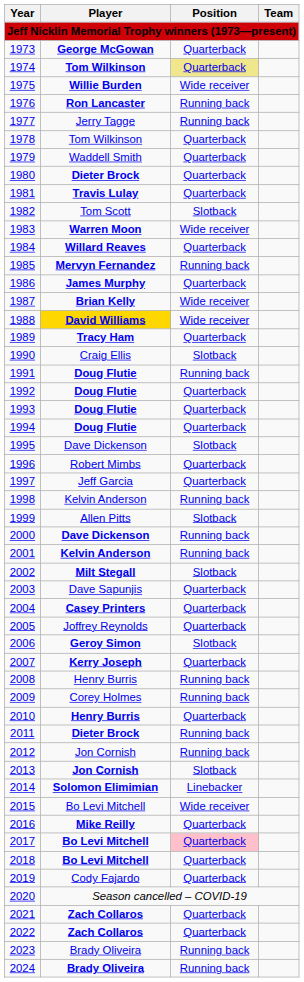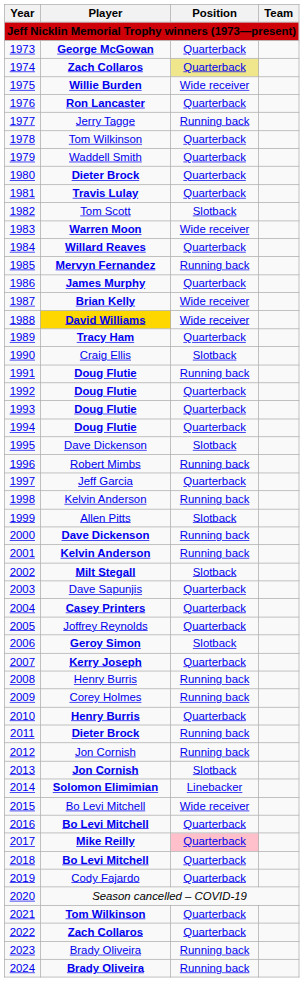 <table class="wikitable sortable" style="text-align:center">
 <tr>
 <th scope=col>Year</th>
 <th scope=col>Player</th>
 <th scope=col>Position</th>
 <th scope=col>Team</th>
 </tr>
 <tr>
 <th style="background:#CE0008;" colspan="7"><span>Jeff Nicklin Memorial Trophy winners (1973—present)</span></th>
 </tr>
 <tr>
 <td><a href='#'>1973</a></td>
 <td><strong><a href='#'>George McGowan</a></strong></td>
 <td><a href='#'>Quarterback</a></td>
 <td><a href='#'></a></td>
 </tr>
 <tr>
 <td><a href='#'>1974</a></td>
-<td><strong><a href='#'>Tom Wilkinson</a></strong></td>
+<td><strong><a href='#'>Zach Collaros</a></strong></td>
 <td style="background: khaki;"><a href='#'>Quarterback</a></td>
 <td><a href='#'></a></td>
 </tr>
 <tr>
 <td><a href='#'>1975</a></td>
 <td><strong><a href='#'>Willie Burden</a></strong></td>
 <td><a href='#'>Wide receiver</a></td>
 <td><a href='#'></a></td>
 </tr>
 <tr>
 <td><a href='#'>1976</a></td>
 <td><strong><a href='#'>Ron Lancaster</a></strong></td>
-<td><a href='#'>Running back</a></td>
+<td><a href='#'>Quarterback</a></td>
 <td><a href='#'></a></td>
 </tr>
 <tr>
 <td><a href='#'>1977</a></td>
 <td><a href='#'>Jerry Tagge</a></td>
 <td><a href='#'>Running back</a></td>
 <td><a href='#'></a></td>
 </tr>
 <tr>
 <td><a href='#'>1978</a></td>
 <td><a href='#'>Tom Wilkinson</a></td>
 <td><a href='#'>Quarterback</a></td>
 <td><a href='#'></a></td>
 </tr>
 <tr>
 <td><a href='#'>1979</a></td>
 <td><a href='#'>Waddell Smith</a></td>
 <td><a href='#'>Quarterback</a></td>
 <td><a href='#'></a></td>
 </tr>
 <tr>
 <td><a href='#'>1980</a></td>
 <td><strong><a href='#'>Dieter Brock</a></strong></td>
 <td><a href='#'>Quarterback</a></td>
 <td><a href='#'></a></td>
 </tr>
 <tr>
 <td><a href='#'>1981</a></td>
 <td><strong><a href='#'>Travis Lulay</a></strong></td>
 <td><a href='#'>Quarterback</a></td>
 <td><a href='#'></a></td>
 </tr>
 <tr>
 <td><a href='#'>1982</a></td>
 <td><a href='#'>Tom Scott</a></td>
 <td><a href='#'>Slotback</a></td>
 <td><a href='#'></a></td>
 </tr>
 <tr>
 <td><a href='#'>1983</a></td>
 <td><strong><a href='#'>Warren Moon</a></strong></td>
 <td><a href='#'>Wide receiver</a></td>
 <td><a href='#'></a></td>
 </tr>
 <tr>
 <td><a href='#'>1984</a></td>
 <td><strong><a href='#'>Willard Reaves</a></strong></td>
 <td><a href='#'>Quarterback</a></td>
 <td><a href='#'></a></td>
 </tr>
 <tr>
 <td><a href='#'>1985</a></td>
 <td><strong><a href='#'>Mervyn Fernandez</a></strong></td>
 <td><a href='#'>Running back</a></td>
 <td><a href='#'></a></td>
 </tr>
 <tr>
 <td><a href='#'>1986</a></td>
 <td><strong><a href='#'>James Murphy</a></strong></td>
 <td><a href='#'>Quarterback</a></td>
 <td><a href='#'></a></td>
 </tr>
 <tr>
 <td><a href='#'>1987</a></td>
 <td><strong><a href='#'>Brian Kelly</a></strong></td>
 <td><a href='#'>Wide receiver</a></td>
 <td><a href='#'></a></td>
 </tr>
 <tr>
 <td><a href='#'>1988</a></td>
 <td style="background: gold;"><strong><a href='#'>David Williams</a></strong></td>
 <td><a href='#'>Wide receiver</a></td>
 <td><a href='#'></a></td>
 </tr>
 <tr>
 <td><a href='#'>1989</a></td>
 <td><strong><a href='#'>Tracy Ham</a></strong></td>
 <td><a href='#'>Quarterback</a></td>
 <td><a href='#'></a></td>
 </tr>
 <tr>
 <td><a href='#'>1990</a></td>
 <td><a href='#'>Craig Ellis</a></td>
 <td><a href='#'>Slotback</a></td>
 <td><a href='#'></a></td>
 </tr>
 <tr>
 <td><a href='#'>1991</a></td>
 <td><strong><a href='#'>Doug Flutie</a></strong></td>
 <td><a href='#'>Running back</a></td>
 <td><a href='#'></a></td>
 </tr>
 <tr>
 <td><a href='#'>1992</a></td>
 <td><strong><a href='#'>Doug Flutie</a></strong></td>
 <td><a href='#'>Quarterback</a></td>
 <td><a href='#'></a></td>
 </tr>
 <tr>
 <td><a href='#'>1993</a></td>
 <td><strong><a href='#'>Doug Flutie</a></strong></td>
 <td><a href='#'>Quarterback</a></td>
 <td><a href='#'></a></td>
 </tr>
 <tr>
 <td><a href='#'>1994</a></td>
 <td><strong><a href='#'>Doug Flutie</a></strong></td>
 <td><a href='#'>Quarterback</a></td>
 <td><a href='#'></a></td>
 </tr>
 <tr>
 <td><a href='#'>1995</a></td>
 <td><a href='#'>Dave Dickenson</a></td>
 <td><a href='#'>Slotback</a></td>
 <td><a href='#'></a></td>
 </tr>
 <tr>
 <td><a href='#'>1996</a></td>
 <td><a href='#'>Robert Mimbs</a></td>
-<td><a href='#'>Quarterback</a></td>
+<td><a href='#'>Running back</a></td>
 <td><a href='#'></a></td>
 </tr>
 <tr>
 <td><a href='#'>1997</a></td>
 <td><a href='#'>Jeff Garcia</a></td>
 <td><a href='#'>Quarterback</a></td>
 <td><a href='#'></a></td>
 </tr>
 <tr>
 <td><a href='#'>1998</a></td>
 <td><a href='#'>Kelvin Anderson</a></td>
 <td><a href='#'>Running back</a></td>
 <td><a href='#'></a></td>
 </tr>
 <tr>
 <td><a href='#'>1999</a></td>
 <td><a href='#'>Allen Pitts</a></td>
 <td><a href='#'>Slotback</a></td>
 <td><a href='#'></a></td>
 </tr>
 <tr>
 <td><a href='#'>2000</a></td>
 <td><strong><a href='#'>Dave Dickenson</a></strong></td>
 <td><a href='#'>Running back</a></td>
 <td><a href='#'></a></td>
 </tr>
 <tr>
 <td><a href='#'>2001</a></td>
 <td><strong><a href='#'>Kelvin Anderson</a></strong></td>
 <td><a href='#'>Running back</a></td>
 <td><a href='#'></a></td>
 </tr>
 <tr>
 <td><a href='#'>2002</a></td>
 <td><strong><a href='#'>Milt Stegall</a></strong></td>
 <td><a href='#'>Slotback</a></td>
 <td><a href='#'></a></td>
 </tr>
 <tr>
 <td><a href='#'>2003</a></td>
 <td><a href='#'>Dave Sapunjis</a></td>
 <td><a href='#'>Quarterback</a></td>
 <td><a href='#'></a></td>
 </tr>
 <tr>
 <td><a href='#'>2004</a></td>
 <td><strong><a href='#'>Casey Printers</a></strong></td>
 <td><a href='#'>Quarterback</a></td>
 <td><a href='#'></a></td>
 </tr>
 <tr>
 <td><a href='#'>2005</a></td>
 <td><a href='#'>Joffrey Reynolds</a></td>
 <td><a href='#'>Quarterback</a></td>
 <td><a href='#'></a></td>
 </tr>
 <tr>
 <td><a href='#'>2006</a></td>
 <td><strong><a href='#'>Geroy Simon</a></strong></td>
 <td><a href='#'>Slotback</a></td>
 <td><a href='#'></a></td>
 </tr>
 <tr>
 <td><a href='#'>2007</a></td>
 <td><strong><a href='#'>Kerry Joseph</a></strong></td>
 <td><a href='#'>Quarterback</a></td>
 <td><a href='#'></a></td>
 </tr>
 <tr>
 <td><a href='#'>2008</a></td>
 <td><a href='#'>Henry Burris</a></td>
 <td><a href='#'>Running back</a></td>
 <td><a href='#'></a></td>
 </tr>
 <tr>
 <td><a href='#'>2009</a></td>
 <td><a href='#'>Corey Holmes</a></td>
 <td><a href='#'>Running back</a></td>
 <td><a href='#'></a></td>
 </tr>
 <tr>
 <td><a href='#'>2010</a></td>
 <td><strong><a href='#'>Henry Burris</a></strong></td>
 <td><a href='#'>Quarterback</a></td>
 <td><a href='#'></a></td>
 </tr>
 <tr>
 <td><a href='#'>2011</a></td>
 <td><strong><a href='#'>Dieter Brock</a></strong></td>
 <td><a href='#'>Running back</a></td>
 <td><a href='#'></a></td>
 </tr>
 <tr>
 <td><a href='#'>2012</a></td>
 <td><a href='#'>Jon Cornish</a></td>
 <td><a href='#'>Running back</a></td>
 <td><a href='#'></a></td>
 </tr>
 <tr>
 <td><a href='#'>2013</a></td>
 <td><strong><a href='#'>Jon Cornish</a></strong></td>
 <td><a href='#'>Slotback</a></td>
 <td><a href='#'></a></td>
 </tr>
 <tr>
 <td><a href='#'>2014</a></td>
 <td><strong><a href='#'>Solomon Elimimian</a></strong></td>
 <td><a href='#'>Linebacker</a></td>
 <td><a href='#'></a></td>
 </tr>
 <tr>
 <td><a href='#'>2015</a></td>
 <td><a href='#'>Bo Levi Mitchell</a></td>
 <td><a href='#'>Wide receiver</a></td>
 <td><a href='#'></a></td>
 </tr>
 <tr>
 <td><a href='#'>2016</a></td>
-<td><strong><a href='#'>Mike Reilly</a></strong></td>
+<td><strong><a href='#'>Bo Levi Mitchell</a></strong></td>
 <td><a href='#'>Quarterback</a></td>
 <td><a href='#'></a></td>
 </tr>
 <tr>
 <td><a href='#'>2017</a></td>
-<td><strong><a href='#'>Bo Levi Mitchell</a></strong></td>
+<td><strong><a href='#'>Mike Reilly</a></strong></td>
 <td style="background: pink;"><a href='#'>Quarterback</a></td>
 <td><a href='#'></a></td>
 </tr>
 <tr>
 <td><a href='#'>2018</a></td>
 <td><strong><a href='#'>Bo Levi Mitchell</a></strong></td>
 <td><a href='#'>Quarterback</a></td>
 <td><a href='#'></a></td>
 </tr>
 <tr>
 <td><a href='#'>2019</a></td>
 <td><a href='#'>Cody Fajardo</a></td>
 <td><a href='#'>Quarterback</a></td>
 <td><a href='#'></a></td>
 </tr>
 <tr>
 <td><a href='#'>2020</a></td>
 <td colspan=3><em>Season cancelled – COVID-19</em></td>
 </tr>
 <tr>
 <td><a href='#'>2021</a></td>
-<td><strong><a href='#'>Zach Collaros</a></strong></td>
+<td><strong><a href='#'>Tom Wilkinson</a></strong></td>
 <td><a href='#'>Quarterback</a></td>
 <td><a href='#'></a></td>
 </tr>
 <tr>
 <td><a href='#'>2022</a></td>
 <td><strong><a href='#'>Zach Collaros</a></strong></td>
 <td><a href='#'>Quarterback</a></td>
 <td><a href='#'></a></td>
 </tr>
 <tr>
 <td><a href='#'>2023</a></td>
 <td><a href='#'>Brady Oliveira</a></td>
 <td><a href='#'>Running back</a></td>
 <td><a href='#'></a></td>
 </tr>
 <tr>
 <td><a href='#'>2024</a></td>
 <td><strong><a href='#'>Brady Oliveira</a></strong></td>
 <td><a href='#'>Running back</a></td>
 <td><a href='#'></a></td>
 </tr>
 </table>
